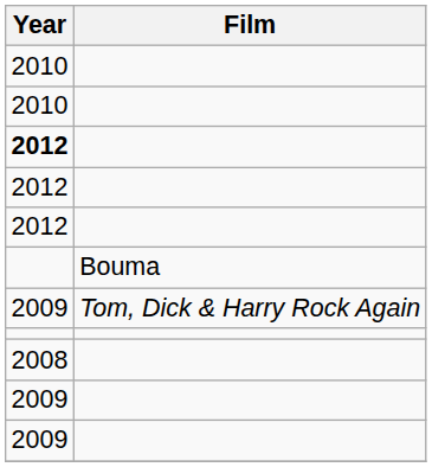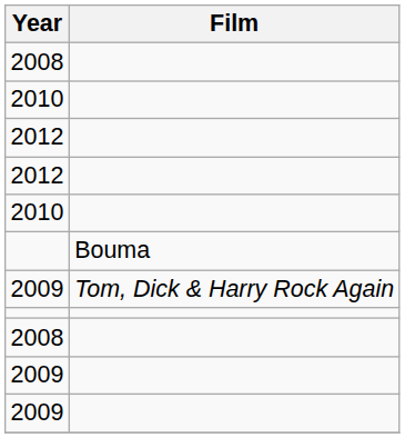 <table class="wikitable">
 <tr>
 <th>Year</th>
 <th>Film</th>
 </tr>
 <tr>
-<td>2010</td>
+<td>2008</td>
 <td><em></em></td>
 </tr>
 <tr>
 <td>2010</td>
-<td><em></em></td>
-</tr>
-<tr>
-<td><strong>2012</strong></td>
 <td><em></em></td>
 </tr>
 <tr>
 <td>2012</td>
 <td><em></em></td>
 </tr>
 <tr>
 <td>2012</td>
+<td><em></em></td>
+</tr>
+<tr>
+<td>2010</td>
 <td><em></em></td>
 </tr>
 <tr>
 <td></td>
 <td>Bouma</td>
 </tr>
 <tr>
 <td>2009</td>
 <td><em>Tom, Dick & Harry Rock Again</em></td>
 </tr>
 <tr>
 <td></td>
 <td></td>
 </tr>
 <tr>
 <td>2008</td>
 <td></td>
 </tr>
 <tr>
 <td>2009</td>
 <td><em></em></td>
 </tr>
 <tr>
 <td>2009</td>
 <td><em></em></td>
 </tr>
 <tr>
 </tr>
 </table>
